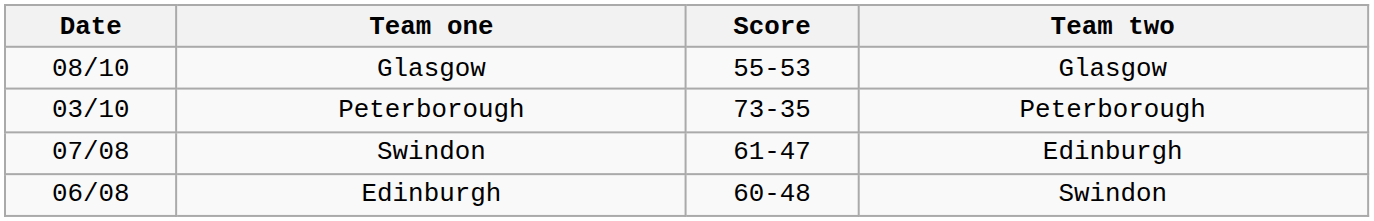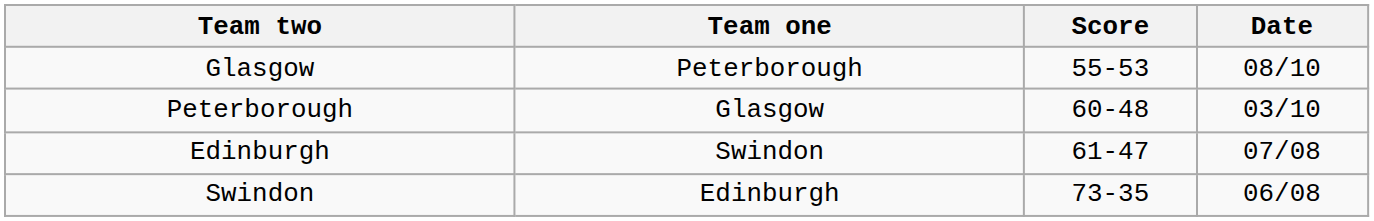 <table class="wikitable" style="text-align: center">
 <tr>
-<th width=80>Date</th>
+<th width=250>Team two</th>
 <th width=250>Team one</th>
 <th width=80>Score</th>
-<th width=250>Team two</th>
+<th width=80>Date</th>
 </tr>
 <tr>
+<td>Glasgow</td>
+<td>Peterborough</td>
+<td>55-53</td>
 <td>08/10</td>
-<td>Glasgow</td>
-<td>55-53</td>
-<td>Glasgow</td>
 </tr>
 <tr>
+<td>Peterborough</td>
+<td>Glasgow</td>
+<td>60-48</td>
 <td>03/10</td>
-<td>Peterborough</td>
-<td>73-35</td>
-<td>Peterborough</td>
 </tr>
 <tr>
-<td>07/08</td>
+<td>Edinburgh</td>
 <td>Swindon</td>
 <td>61-47</td>
-<td>Edinburgh</td>
+<td>07/08</td>
 </tr>
 <tr>
+<td>Swindon</td>
+<td>Edinburgh</td>
+<td>73-35</td>
 <td>06/08</td>
-<td>Edinburgh</td>
-<td>60-48</td>
-<td>Swindon</td>
 </tr>
 </table>
